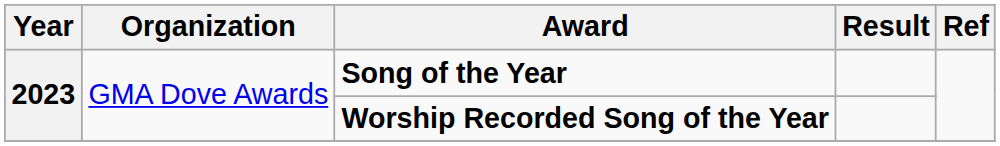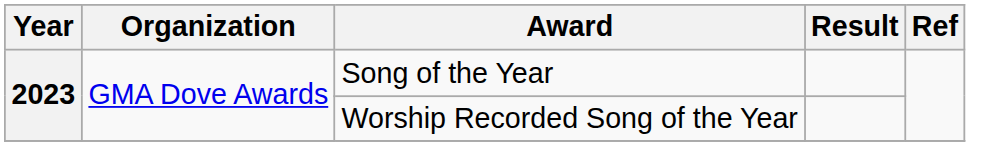 <table class="wikitable plainrowheaders">
 <tr>
 <th>Year</th>
 <th>Organization</th>
 <th>Award</th>
 <th>Result</th>
 <th style="text-align:center">Ref</th>
 </tr>
 <tr>
 <th scope="row" rowspan="2">2023</th>
 <td rowspan="2"><a href='#'>GMA Dove Awards</a></td>
-<td><strong>Song of the Year</strong></td>
+<td>Song of the Year</td>
 <td></td>
 <td rowspan="2"></td>
 </tr>
 <tr>
-<td><strong>Worship Recorded Song of the Year</strong></td>
+<td>Worship Recorded Song of the Year</td>
 <td></td>
 </tr>
 <tr>
 </tr>
 </table>
